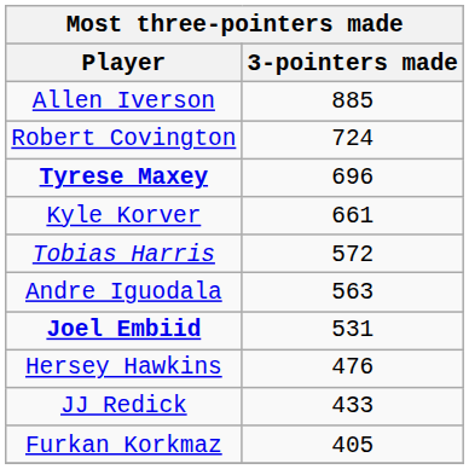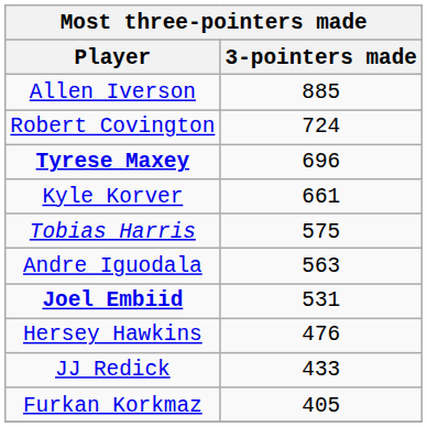 <table class="wikitable sortable" style="text-align:center">
 <tr>
 <th colspan="2" style="text-align:center; ">Most three-pointers made</th>
 </tr>
 <tr>
 <th style="text-align:center; ">Player</th>
 <th style="text-align:center; ">3-pointers made</th>
 </tr>
 <tr>
 <td><a href='#'>Allen Iverson</a></td>
 <td>885</td>
 </tr>
 <tr>
 <td><a href='#'>Robert Covington</a></td>
 <td>724</td>
 </tr>
 <tr>
 <td><strong><a href='#'>Tyrese Maxey</a></strong></td>
 <td>696</td>
 </tr>
 <tr>
 <td><a href='#'>Kyle Korver</a></td>
 <td>661</td>
 </tr>
 <tr>
 <td><em><a href='#'>Tobias Harris</a></em></td>
-<td>572</td>
+<td>575</td>
 </tr>
 <tr>
 <td><a href='#'>Andre Iguodala</a></td>
 <td>563</td>
 </tr>
 <tr>
 <td><strong><a href='#'>Joel Embiid</a></strong></td>
 <td>531</td>
 </tr>
 <tr>
 <td><a href='#'>Hersey Hawkins</a></td>
 <td>476</td>
 </tr>
 <tr>
 <td><a href='#'>JJ Redick</a></td>
 <td>433</td>
 </tr>
 <tr>
 <td><a href='#'>Furkan Korkmaz</a></td>
 <td>405</td>
 </tr>
 <tr>
 </tr>
 </table>
